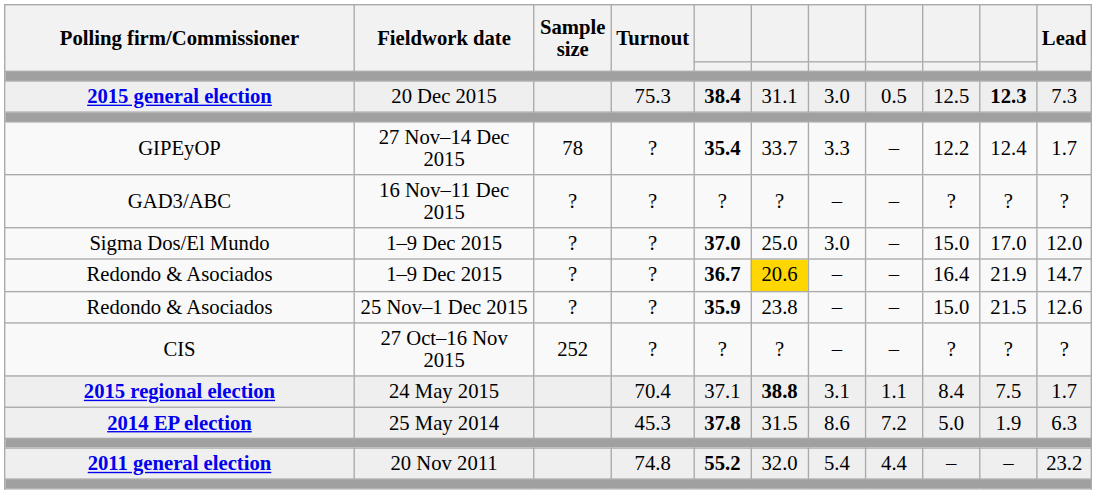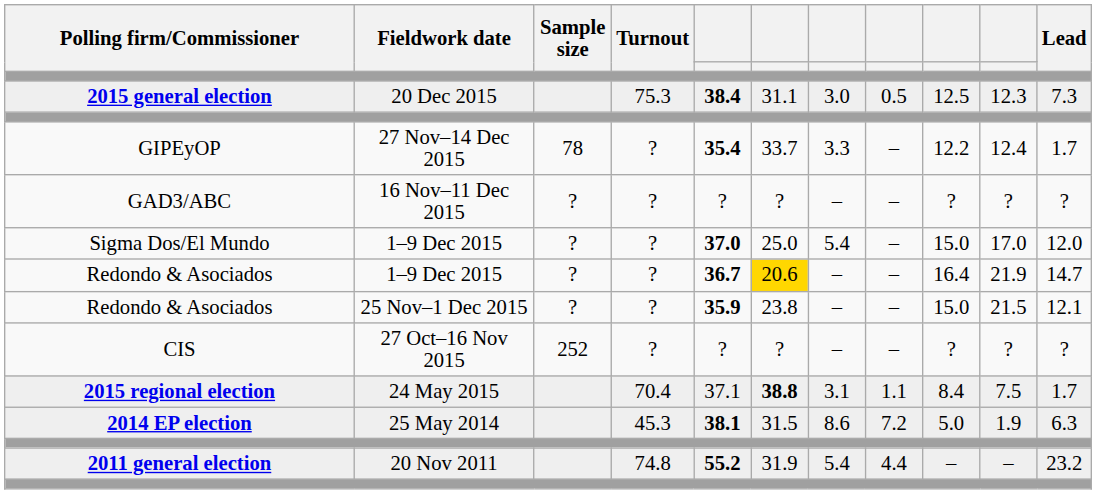 <table class="wikitable collapsible collapsed" style="text-align:center; font-size:95%; line-height:16px;">
 <tr style="height:42px; background-color:#E9E9E9">
 <th style="width:250px;" rowspan="2">Polling firm/Commissioner</th>
 <th style="width:125px;" rowspan="2">Fieldwork date</th>
 <th style="width:50px;" rowspan="2">Sample size</th>
 <th style="width:45px;" rowspan="2">Turnout</th>
 <th style="width:35px;"></th>
 <th style="width:35px;"></th>
 <th style="width:35px;"></th>
 <th style="width:35px;"></th>
 <th style="width:35px;"></th>
 <th style="width:35px;"></th>
 <th style="width:30px;" rowspan="2">Lead</th>
 </tr>
 <tr>
 <th style="color:inherit;background:"></th>
 <th style="color:inherit;background:"></th>
 <th style="color:inherit;background:"></th>
 <th style="color:inherit;background:"></th>
 <th style="color:inherit;background:"></th>
 <th style="color:inherit;background:"></th>
 </tr>
 <tr>
 <td colspan="11" style="background:#A0A0A0"></td>
 </tr>
 <tr style="background:#EFEFEF;">
 <td><strong><a href='#'>2015 general election</a></strong></td>
 <td>20 Dec 2015</td>
 <td></td>
 <td>75.3</td>
 <td><strong>38.4</strong><br></td>
 <td>31.1<br></td>
 <td>3.0<br></td>
 <td>0.5<br></td>
 <td>12.5<br></td>
-<td><strong>12.3<br></strong></td>
+<td>12.3<br></td>
 <td style="background:">7.3</td>
 </tr>
 <tr>
 <td colspan="11" style="background:#A0A0A0"></td>
 </tr>
 <tr>
 <td>GIPEyOP</td>
 <td>27 Nov–14 Dec 2015</td>
 <td>78</td>
 <td>?</td>
 <td><strong>35.4</strong><br></td>
 <td>33.7<br></td>
 <td>3.3<br></td>
 <td>–</td>
 <td>12.2<br></td>
 <td>12.4<br></td>
 <td style="background:">1.7</td>
 </tr>
 <tr>
 <td>GAD3/ABC</td>
 <td>16 Nov–11 Dec 2015</td>
 <td>?</td>
 <td>?</td>
 <td>?<br></td>
 <td>?<br></td>
 <td>–</td>
 <td>–</td>
 <td>?<br></td>
 <td>?<br></td>
 <td style="background:">?</td>
 </tr>
 <tr>
 <td>Sigma Dos/El Mundo</td>
 <td>1–9 Dec 2015</td>
 <td>?</td>
 <td>?</td>
 <td><strong>37.0</strong><br></td>
 <td>25.0<br></td>
-<td>3.0<br></td>
+<td>5.4<br></td>
 <td>–</td>
 <td>15.0<br></td>
 <td>17.0<br></td>
 <td style="background:">12.0</td>
 </tr>
 <tr>
 <td>Redondo & Asociados</td>
 <td>1–9 Dec 2015</td>
 <td>?</td>
 <td>?</td>
 <td><strong>36.7</strong><br></td>
 <td style="background: gold;">20.6<br></td>
 <td>–</td>
 <td>–</td>
 <td>16.4<br></td>
 <td>21.9<br></td>
 <td style="background:">14.7</td>
 </tr>
 <tr>
 <td>Redondo & Asociados</td>
 <td>25 Nov–1 Dec 2015</td>
 <td>?</td>
 <td>?</td>
 <td><strong>35.9</strong><br></td>
 <td>23.8<br></td>
 <td>–</td>
 <td>–</td>
 <td>15.0<br></td>
 <td>21.5<br></td>
-<td style="background:">12.6</td>
+<td style="background:">12.1</td>
 </tr>
 <tr>
 <td>CIS</td>
 <td>27 Oct–16 Nov 2015</td>
 <td>252</td>
 <td>?</td>
 <td>?<br></td>
 <td>?<br></td>
 <td>–</td>
 <td>–</td>
 <td>?<br></td>
 <td>?<br></td>
 <td style="background:">?</td>
 </tr>
 <tr style="background:#EFEFEF;">
 <td><strong><a href='#'>2015 regional election</a></strong></td>
 <td>24 May 2015</td>
 <td></td>
 <td>70.4</td>
 <td>37.1<br></td>
 <td><strong>38.8</strong><br></td>
 <td>3.1<br></td>
 <td>1.1<br></td>
 <td>8.4<br></td>
 <td>7.5<br></td>
 <td style="background:">1.7</td>
 </tr>
 <tr style="background:#EFEFEF;">
 <td><strong><a href='#'>2014 EP election</a></strong></td>
 <td>25 May 2014</td>
 <td></td>
 <td>45.3</td>
-<td><strong>37.8</strong><br></td>
+<td><strong>38.1</strong><br></td>
 <td>31.5<br></td>
 <td>8.6<br></td>
 <td>7.2<br></td>
 <td>5.0<br></td>
 <td>1.9<br></td>
 <td style="background:">6.3</td>
 </tr>
 <tr>
 <td colspan="11" style="background:#A0A0A0"></td>
 </tr>
 <tr style="background:#EFEFEF;">
 <td><strong><a href='#'>2011 general election</a></strong></td>
 <td>20 Nov 2011</td>
 <td></td>
 <td>74.8</td>
 <td><strong>55.2</strong><br></td>
-<td>32.0<br></td>
+<td>31.9<br></td>
 <td>5.4<br></td>
 <td>4.4<br></td>
 <td>–</td>
 <td>–</td>
 <td style="background:">23.2</td>
 </tr>
 <tr>
 <td colspan="11" style="background:#A0A0A0"></td>
 </tr>
 </table>
